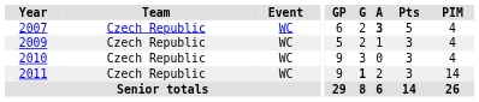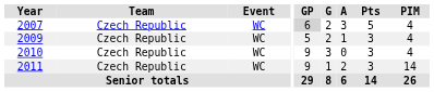 <table border="0" cellpadding="1" cellspacing="0" ID="Table3" style="text-align:center; width:40em">
 <tr ALIGN="center" bgcolor="#e0e0e0">
 <th>Year</th>
 <th>Team</th>
 <th>Event</th>
 <th rowspan="99" bgcolor="#ffffff"></th>
 <th>GP</th>
 <th>G</th>
 <th>A</th>
 <th>Pts</th>
 <th>PIM</th>
 </tr>
 <tr>
 <td><a href='#'>2007</a></td>
 <td><a href='#'>Czech Republic</a></td>
 <td><a href='#'>WC</a></td>
-<td>6</td>
+<td style="background: lightgrey;">6</td>
 <td>2</td>
-<td><strong>3</strong></td>
+<td>3</td>
 <td>5</td>
 <td>4</td>
 </tr>
 <tr bgcolor="#f0f0f0">
 <td><a href='#'>2009</a></td>
 <td>Czech Republic</td>
 <td>WC</td>
 <td>5</td>
 <td>2</td>
 <td>1</td>
 <td>3</td>
 <td>4</td>
 </tr>
 <tr>
 <td><a href='#'>2010</a></td>
 <td>Czech Republic</td>
 <td>WC</td>
 <td>9</td>
 <td>3</td>
 <td>0</td>
 <td>3</td>
 <td>4</td>
 </tr>
 <tr bgcolor="#f0f0f0">
 <td><a href='#'>2011</a></td>
 <td>Czech Republic</td>
 <td>WC</td>
 <td>9</td>
-<td><strong>1</strong></td>
+<td>1</td>
 <td>2</td>
 <td>3</td>
 <td>14</td>
 </tr>
 <tr bgcolor="#e0e0e0">
 <th colspan="3">Senior totals</th>
 <th>29</th>
 <th>8</th>
 <th>6</th>
 <th>14</th>
 <th>26</th>
 </tr>
 </table>
